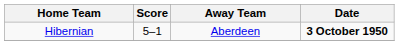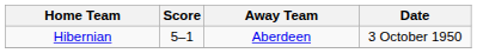 <table class="wikitable" style="text-align:center;">
 <tr>
 <th width=175>Home Team</th>
 <th width=20>Score</th>
 <th width=175>Away Team</th>
 <th width= 125>Date</th>
 </tr>
 <tr>
 <td><a href='#'>Hibernian</a></td>
 <td>5–1</td>
 <td><a href='#'>Aberdeen</a></td>
-<td><strong>3 October 1950</strong></td>
+<td>3 October 1950</td>
 </tr>
 <tr>
 </tr>
 </table>
